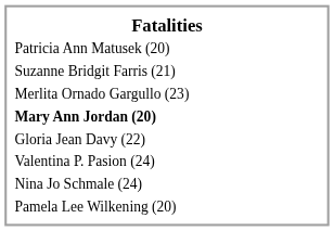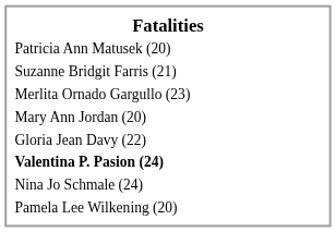 <table style="float:right; margin:1em; width:18em; border:2px solid #a0a0a0; padding:4px; background:#k9k9k9; text-align:left;">
 <tr style="text-align:center;">
 <td><strong>Fatalities</strong></td>
 </tr>
 <tr style="text-align:left; font-size:small;">
 <td>Patricia Ann Matusek (20)</td>
 </tr>
 <tr style="text-align:left; font-size:small;">
 <td>Suzanne Bridgit Farris (21)</td>
 </tr>
 <tr style="text-align:left; font-size:small;">
 <td>Merlita Ornado Gargullo (23)</td>
 </tr>
 <tr style="text-align:left; font-size:small;">
-<td><strong>Mary Ann Jordan (20)</strong></td>
+<td>Mary Ann Jordan (20)</td>
 </tr>
 <tr style="text-align:left; font-size:small;">
 <td>Gloria Jean Davy (22)</td>
 </tr>
 <tr style="text-align:left; font-size:small;">
-<td>Valentina P. Pasion (24)</td>
+<td><strong>Valentina P. Pasion (24)</strong></td>
 </tr>
 <tr style="text-align:left; font-size:small;">
 <td>Nina Jo Schmale (24)</td>
 </tr>
 <tr style="text-align:left; font-size:small;">
 <td>Pamela Lee Wilkening (20)</td>
 </tr>
 </table>
